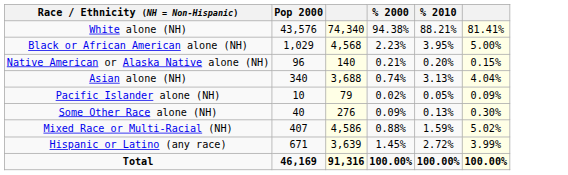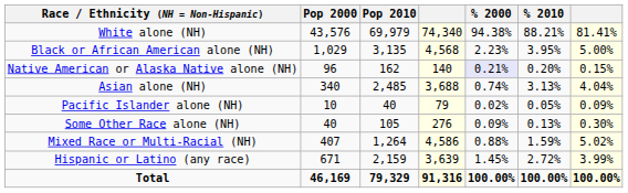 <table class="wikitable" style="text-align:center;">
 <tr>
 <th>Race / Ethnicity <small>(<em>NH = Non-Hispanic</em>)</small></th>
 <th>Pop 2000</th>
+<th>Pop 2010</th>
 <th></th>
 <th>% 2000</th>
 <th>% 2010</th>
 <th></th>
 </tr>
 <tr>
 <td><a href='#'>White</a> alone (NH)</td>
 <td>43,576</td>
+<td>69,979</td>
 <td style='background: #ffffe6;'>74,340</td>
 <td>94.38%</td>
 <td>88.21%</td>
 <td style='background: #ffffe6;'>81.41%</td>
 </tr>
 <tr>
 <td><a href='#'>Black or African American</a> alone (NH)</td>
 <td>1,029</td>
+<td>3,135</td>
 <td style='background: #ffffe6;'>4,568</td>
 <td>2.23%</td>
 <td>3.95%</td>
 <td style='background: #ffffe6;'>5.00%</td>
 </tr>
 <tr>
 <td><a href='#'>Native American</a> or <a href='#'>Alaska Native</a> alone (NH)</td>
 <td>96</td>
+<td>162</td>
 <td style='background: #ffffe6;'>140</td>
-<td>0.21%</td>
+<td style="background: lavender;">0.21%</td>
 <td>0.20%</td>
 <td style='background: #ffffe6;'>0.15%</td>
 </tr>
 <tr>
 <td><a href='#'>Asian</a> alone (NH)</td>
 <td>340</td>
+<td>2,485</td>
 <td style='background: #ffffe6;'>3,688</td>
 <td>0.74%</td>
 <td>3.13%</td>
 <td style='background: #ffffe6;'>4.04%</td>
 </tr>
 <tr>
 <td><a href='#'>Pacific Islander</a> alone (NH)</td>
 <td>10</td>
+<td>40</td>
 <td style='background: #ffffe6;'>79</td>
 <td>0.02%</td>
 <td>0.05%</td>
 <td style='background: #ffffe6;'>0.09%</td>
 </tr>
 <tr>
 <td><a href='#'>Some Other Race</a> alone (NH)</td>
 <td>40</td>
+<td>105</td>
 <td style='background: #ffffe6;'>276</td>
 <td>0.09%</td>
 <td>0.13%</td>
 <td style='background: #ffffe6;'>0.30%</td>
 </tr>
 <tr>
 <td><a href='#'>Mixed Race or Multi-Racial</a> (NH)</td>
 <td>407</td>
+<td>1,264</td>
 <td style='background: #ffffe6;'>4,586</td>
 <td>0.88%</td>
 <td>1.59%</td>
 <td style='background: #ffffe6;'>5.02%</td>
 </tr>
 <tr>
 <td><a href='#'>Hispanic or Latino</a> (any race)</td>
 <td>671</td>
+<td>2,159</td>
 <td style='background: #ffffe6;'>3,639</td>
 <td>1.45%</td>
 <td>2.72%</td>
 <td style='background: #ffffe6;'>3.99%</td>
 </tr>
 <tr>
 <td><strong>Total</strong></td>
 <td><strong>46,169</strong></td>
+<td><strong>79,329</strong></td>
 <td style='background: #ffffe6;'><strong>91,316</strong></td>
 <td><strong>100.00%</strong></td>
 <td><strong>100.00%</strong></td>
 <td style='background: #ffffe6;'><strong>100.00%</strong></td>
 </tr>
 </table>
